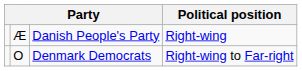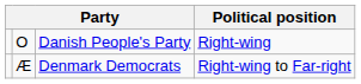 <table class="wikitable">
 <tr>
 <th colspan="3">Party</th>
 <th>Political position</th>
 </tr>
 <tr>
 <td></td>
-<td>Æ</td>
+<td>O</td>
 <td><a href='#'>Danish People's Party</a></td>
 <td><a href='#'>Right-wing</a></td>
 </tr>
 <tr>
 <td></td>
-<td>O</td>
+<td>Æ</td>
 <td><a href='#'>Denmark Democrats</a></td>
 <td><a href='#'>Right-wing</a> to  <a href='#'>Far-right</a></td>
 </tr>
 </table>
